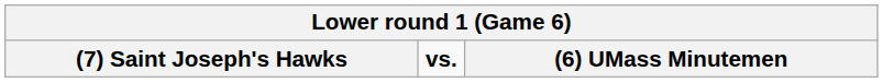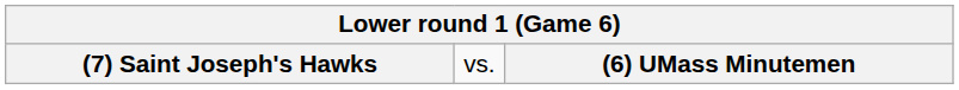 <table class="wikitable">
 <tr>
 <th style="width: 594px;" colspan=3>Lower round 1 (Game 6)</th>
 </tr>
 <tr>
 <th style="width: 284px; ">(7) Saint Joseph's Hawks</th>
-<td style="width: 25px; text-align:center"><strong>vs.</strong></td>
+<td style="width: 25px; text-align:center">vs.</td>
 <th style="width: 284px; ">(6) UMass Minutemen</th>
 </tr>
 </table>
